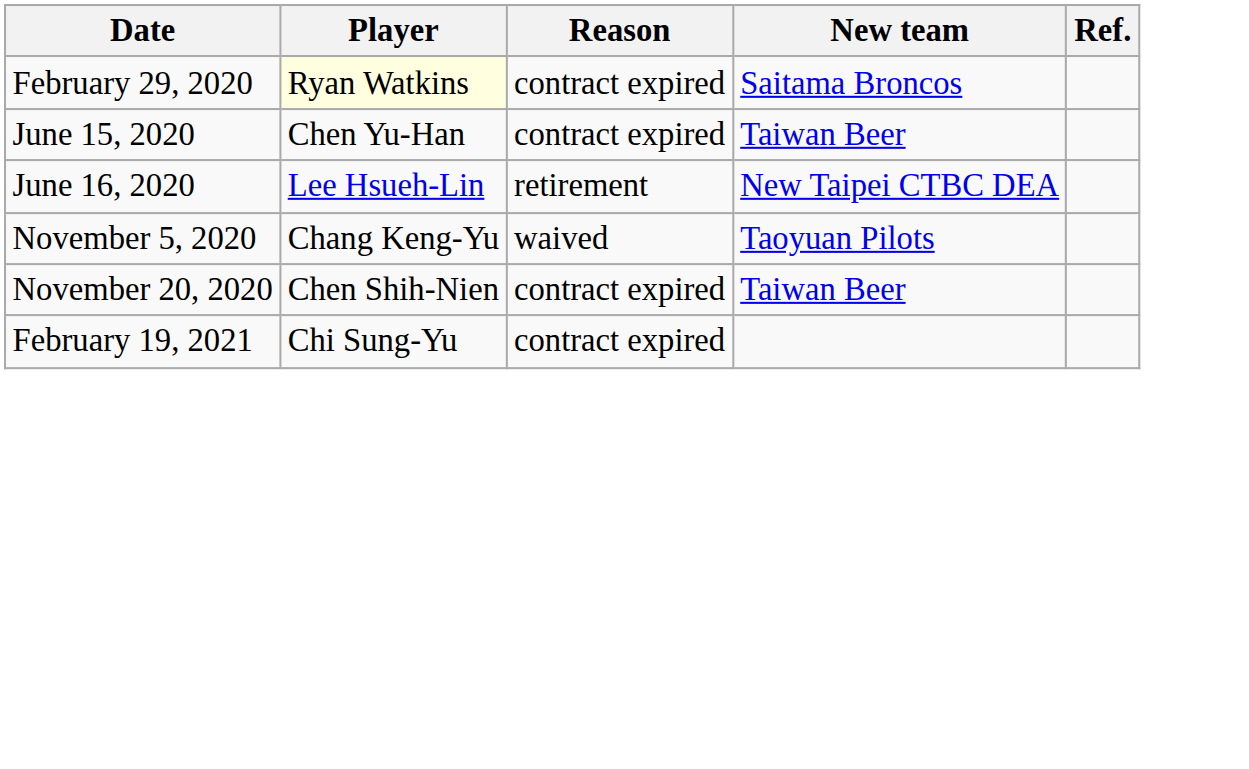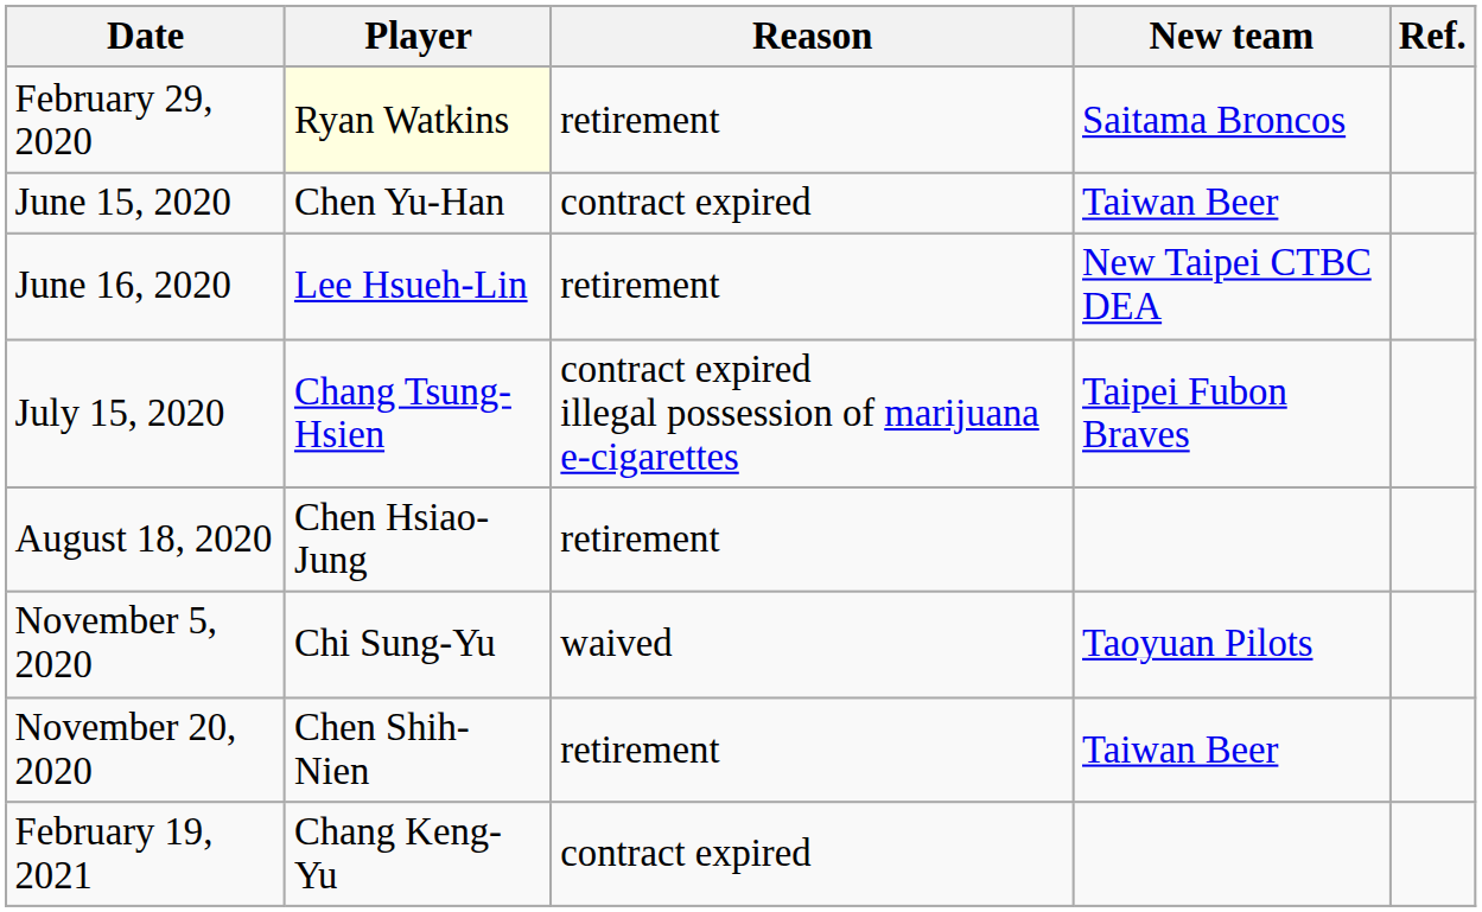 <table class="wikitable">
 <tr>
 <th>Date</th>
 <th>Player</th>
 <th>Reason</th>
 <th>New team</th>
 <th>Ref.</th>
 </tr>
 <tr>
 <td>February 29, 2020</td>
 <td style="background: lightyellow;">Ryan Watkins</td>
-<td>contract expired</td>
+<td>retirement</td>
 <td><a href='#'>Saitama Broncos</a></td>
 <td></td>
 </tr>
 <tr>
 <td>June 15, 2020</td>
 <td>Chen Yu-Han</td>
 <td>contract expired</td>
 <td><a href='#'>Taiwan Beer</a></td>
 <td></td>
 </tr>
 <tr>
 <td>June 16, 2020</td>
 <td><a href='#'>Lee Hsueh-Lin</a></td>
 <td>retirement</td>
 <td><a href='#'>New Taipei CTBC DEA</a></td>
 <td></td>
 </tr>
 <tr>
+<td>July 15, 2020</td>
+<td><a href='#'>Chang Tsung-Hsien</a></td>
+<td>contract expired<br>illegal possession of <a href='#'>marijuana</a> <a href='#'>e-cigarettes</a></td>
+<td><a href='#'>Taipei Fubon Braves</a></td>
+<td></td>
+</tr>
+<tr>
+<td>August 18, 2020</td>
+<td>Chen Hsiao-Jung</td>
+<td>retirement</td>
+<td></td>
+<td></td>
+</tr>
+<tr>
 <td>November 5, 2020</td>
-<td>Chang Keng-Yu</td>
+<td>Chi Sung-Yu</td>
 <td>waived</td>
 <td><a href='#'>Taoyuan Pilots</a></td>
 <td></td>
 </tr>
 <tr>
 <td>November 20, 2020</td>
 <td>Chen Shih-Nien</td>
-<td>contract expired</td>
+<td>retirement</td>
 <td><a href='#'>Taiwan Beer</a></td>
 <td></td>
 </tr>
 <tr>
 <td>February 19, 2021</td>
-<td>Chi Sung-Yu</td>
+<td>Chang Keng-Yu</td>
 <td>contract expired</td>
 <td></td>
 <td></td>
 </tr>
 </table>
